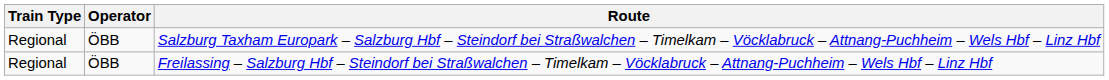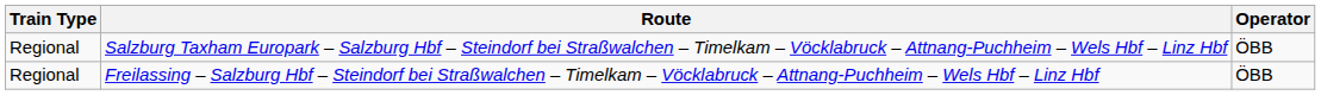 <table class="wikitable vatop">
 <tr>
 <th>Train Type</th>
+<th>Route</th>
 <th>Operator</th>
-<th>Route</th>
 </tr>
 <tr>
 <td>Regional</td>
+<td><em><a href='#'>Salzburg Taxham Europark</a> – <a href='#'>Salzburg Hbf</a> – <a href='#'>Steindorf bei Straßwalchen</a> – Timelkam – <a href='#'>Vöcklabruck</a> – <a href='#'>Attnang-Puchheim</a> – <a href='#'>Wels Hbf</a> – <a href='#'>Linz Hbf</a></em></td>
 <td>ÖBB</td>
-<td><em><a href='#'>Salzburg Taxham Europark</a> – <a href='#'>Salzburg Hbf</a> – <a href='#'>Steindorf bei Straßwalchen</a> – Timelkam – <a href='#'>Vöcklabruck</a> – <a href='#'>Attnang-Puchheim</a> – <a href='#'>Wels Hbf</a> – <a href='#'>Linz Hbf</a></em></td>
 </tr>
 <tr>
 <td>Regional</td>
+<td><em><a href='#'>Freilassing</a> – <a href='#'>Salzburg Hbf</a> – <a href='#'>Steindorf bei Straßwalchen</a> – Timelkam – <a href='#'>Vöcklabruck</a> – <a href='#'>Attnang-Puchheim</a> – <a href='#'>Wels Hbf</a> – <a href='#'>Linz Hbf</a></em></td>
 <td>ÖBB</td>
-<td><em><a href='#'>Freilassing</a> – <a href='#'>Salzburg Hbf</a> – <a href='#'>Steindorf bei Straßwalchen</a> – Timelkam – <a href='#'>Vöcklabruck</a> – <a href='#'>Attnang-Puchheim</a> – <a href='#'>Wels Hbf</a> – <a href='#'>Linz Hbf</a></em></td>
 </tr>
 </table>
